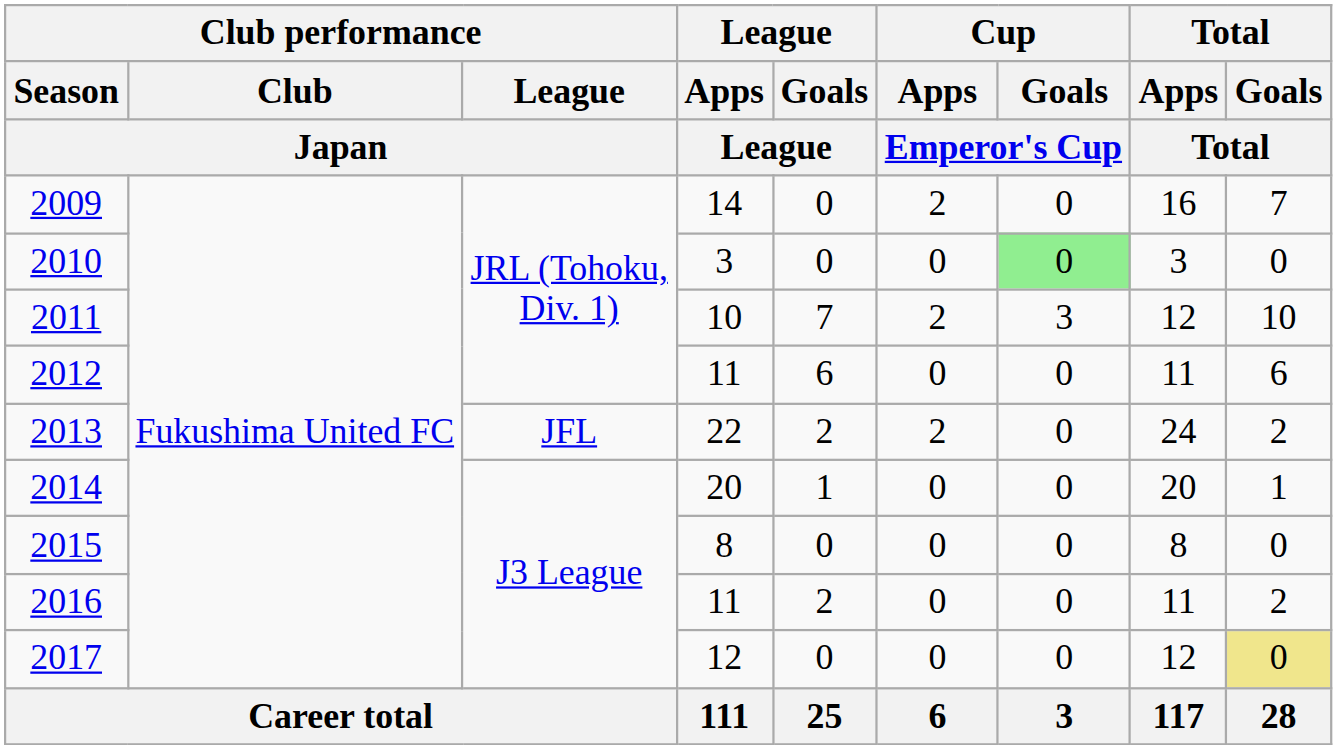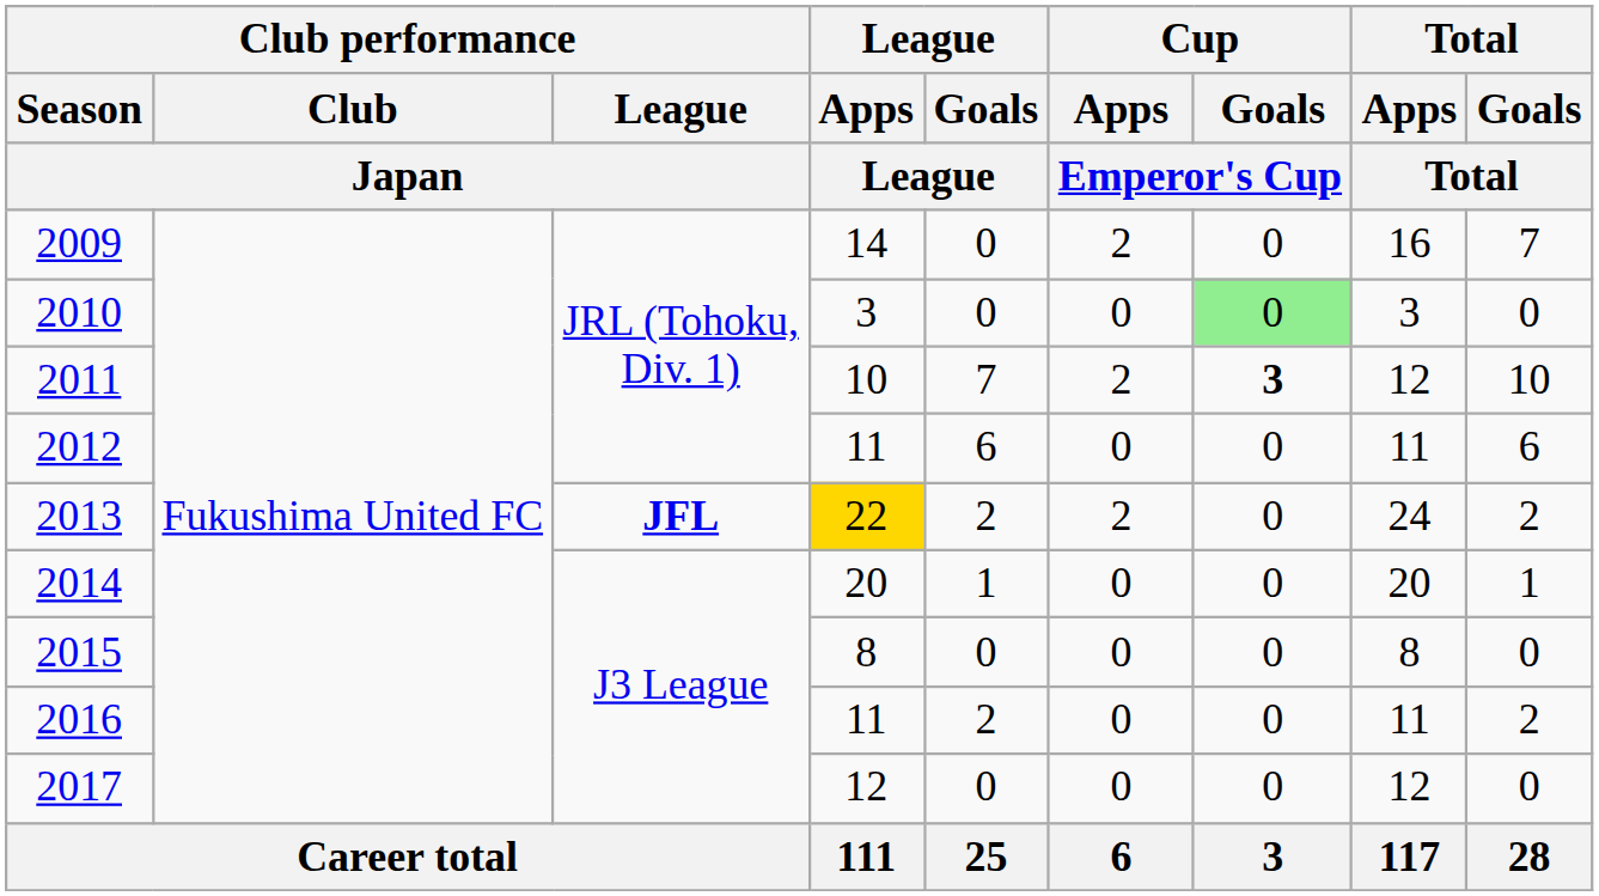 <table class="wikitable" style="text-align:center">
 <tr>
 <th colspan=3>Club performance</th>
 <th colspan=2>League</th>
 <th colspan=2>Cup</th>
 <th colspan=2>Total</th>
 </tr>
 <tr>
 <th>Season</th>
 <th>Club</th>
 <th>League</th>
 <th>Apps</th>
 <th>Goals</th>
 <th>Apps</th>
 <th>Goals</th>
 <th>Apps</th>
 <th>Goals</th>
 </tr>
 <tr>
 <th colspan=3>Japan</th>
 <th colspan=2>League</th>
 <th colspan=2><a href='#'>Emperor's Cup</a></th>
 <th colspan=2>Total</th>
 </tr>
 <tr>
 <td><a href='#'>2009</a></td>
 <td rowspan="9"><a href='#'>Fukushima United FC</a></td>
 <td rowspan="4"><a href='#'>JRL (Tohoku,<br>Div. 1)</a></td>
 <td>14</td>
 <td>0</td>
 <td>2</td>
 <td>0</td>
 <td>16</td>
 <td>7</td>
 </tr>
 <tr>
 <td><a href='#'>2010</a></td>
 <td>3</td>
 <td>0</td>
 <td>0</td>
 <td style="background: lightgreen;">0</td>
 <td>3</td>
 <td>0</td>
 </tr>
 <tr>
 <td><a href='#'>2011</a></td>
 <td>10</td>
 <td>7</td>
 <td>2</td>
-<td>3</td>
+<td><strong>3</strong></td>
 <td>12</td>
 <td>10</td>
 </tr>
 <tr>
 <td><a href='#'>2012</a></td>
 <td>11</td>
 <td>6</td>
 <td>0</td>
 <td>0</td>
 <td>11</td>
 <td>6</td>
 </tr>
 <tr>
 <td><a href='#'>2013</a></td>
-<td rowspan="1"><a href='#'>JFL</a></td>
-<td>22</td>
+<td rowspan="1"><strong><a href='#'>JFL</a></strong></td>
+<td style="background: gold;">22</td>
 <td>2</td>
 <td>2</td>
 <td>0</td>
 <td>24</td>
 <td>2</td>
 </tr>
 <tr>
 <td><a href='#'>2014</a></td>
 <td rowspan="4"><a href='#'>J3 League</a></td>
 <td>20</td>
 <td>1</td>
 <td>0</td>
 <td>0</td>
 <td>20</td>
 <td>1</td>
 </tr>
 <tr>
 <td><a href='#'>2015</a></td>
 <td>8</td>
 <td>0</td>
 <td>0</td>
 <td>0</td>
 <td>8</td>
 <td>0</td>
 </tr>
 <tr>
 <td><a href='#'>2016</a></td>
 <td>11</td>
 <td>2</td>
 <td>0</td>
 <td>0</td>
 <td>11</td>
 <td>2</td>
 </tr>
 <tr>
 <td><a href='#'>2017</a></td>
 <td>12</td>
 <td>0</td>
 <td>0</td>
 <td>0</td>
 <td>12</td>
-<td style="background: khaki;">0</td>
+<td>0</td>
 </tr>
 <tr>
 <th colspan=3>Career total</th>
 <th>111</th>
 <th>25</th>
 <th>6</th>
 <th>3</th>
 <th>117</th>
 <th>28</th>
 </tr>
 </table>
